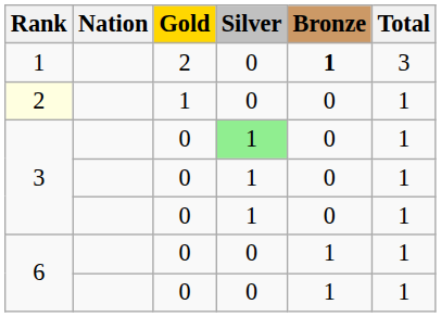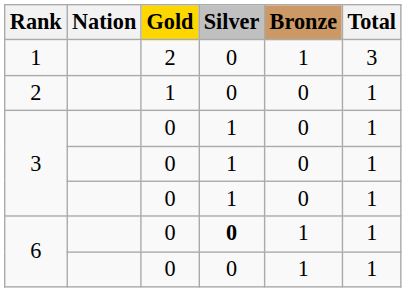 <table class="wikitable sortable" style="text-align:center">
 <tr>
 <th>Rank</th>
 <th>Nation</th>
 <th style="background-color:gold">Gold</th>
 <th style="background-color:silver">Silver</th>
 <th style="background-color:#cc9966">Bronze</th>
 <th>Total</th>
 </tr>
 <tr>
 <td>1</td>
 <td align=left></td>
 <td>2</td>
 <td>0</td>
-<td><strong>1</strong></td>
+<td>1</td>
 <td>3</td>
 </tr>
 <tr>
-<td style="background: lightyellow;">2</td>
+<td>2</td>
 <td align=left></td>
 <td>1</td>
 <td>0</td>
 <td>0</td>
 <td>1</td>
 </tr>
 <tr>
 <td rowspan=3>3</td>
 <td align=left></td>
 <td>0</td>
-<td style="background: lightgreen;">1</td>
+<td>1</td>
 <td>0</td>
 <td>1</td>
 </tr>
 <tr>
 <td align=left></td>
 <td>0</td>
 <td>1</td>
 <td>0</td>
 <td>1</td>
 </tr>
 <tr>
 <td align=left></td>
 <td>0</td>
 <td>1</td>
 <td>0</td>
 <td>1</td>
 </tr>
 <tr>
 <td rowspan=2>6</td>
 <td align=left></td>
 <td>0</td>
-<td>0</td>
+<td><strong>0</strong></td>
 <td>1</td>
 <td>1</td>
 </tr>
 <tr>
 <td align=left></td>
 <td>0</td>
 <td>0</td>
 <td>1</td>
 <td>1</td>
 </tr>
 </table>
